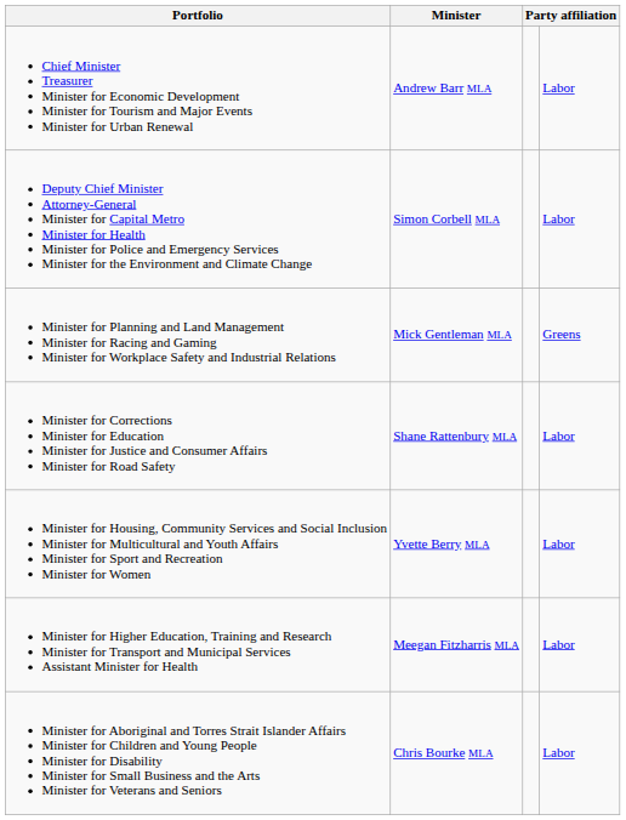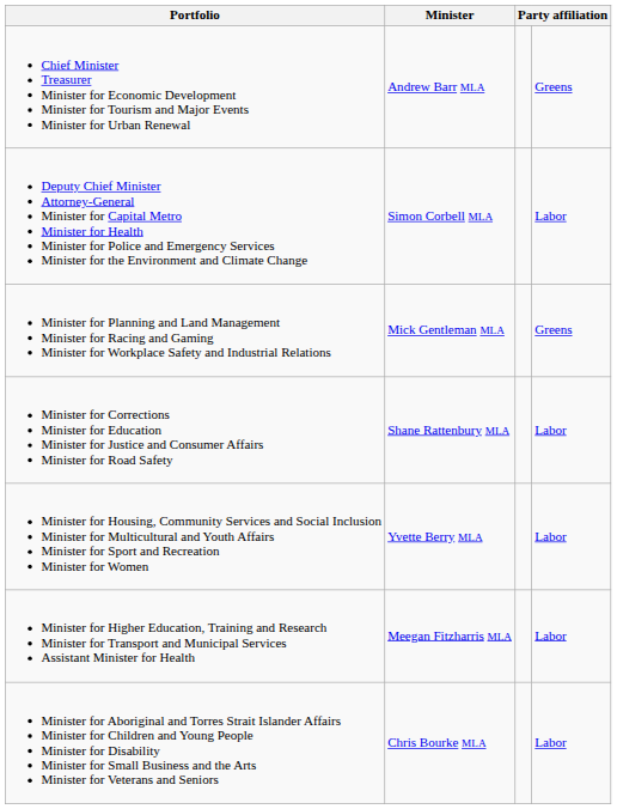 <table class="wikitable">
 <tr>
 <th>Portfolio</th>
 <th>Minister</th>
 <th colspan=2>Party affiliation</th>
 </tr>
 <tr>
 <td><br><ul><li><a href='#'>Chief Minister</a></li><li><a href='#'>Treasurer</a></li><li>Minister for Economic Development</li><li>Minister for Tourism and Major Events</li><li>Minister for Urban Renewal</li></ul></td>
 <td><a href='#'>Andrew Barr</a> <small><a href='#'>MLA</a></small></td>
 <td> </td>
-<td><a href='#'>Labor</a></td>
+<td><a href='#'>Greens</a></td>
 </tr>
 <tr>
 <td><br><ul><li><a href='#'>Deputy Chief Minister</a></li><li><a href='#'>Attorney-General</a></li><li>Minister for <a href='#'>Capital Metro</a></li><li><a href='#'>Minister for Health</a></li><li>Minister for Police and Emergency Services</li><li>Minister for the Environment and Climate Change</li></ul></td>
 <td><a href='#'>Simon Corbell</a> <small><a href='#'>MLA</a></small></td>
 <td> </td>
 <td><a href='#'>Labor</a></td>
 </tr>
 <tr>
 <td><br><ul><li>Minister for Planning and Land Management</li><li>Minister for Racing and Gaming</li><li>Minister for Workplace Safety and Industrial Relations</li></ul></td>
 <td><a href='#'>Mick Gentleman</a> <small><a href='#'>MLA</a></small></td>
 <td> </td>
 <td><a href='#'>Greens</a></td>
 </tr>
 <tr>
 <td><br><ul><li>Minister for Corrections</li><li>Minister for Education</li><li>Minister for Justice and Consumer Affairs</li><li>Minister for Road Safety</li></ul></td>
 <td><a href='#'>Shane Rattenbury</a> <small><a href='#'>MLA</a></small></td>
 <td> </td>
 <td><a href='#'>Labor</a></td>
 </tr>
 <tr>
 <td><br><ul><li>Minister for Housing, Community Services and Social Inclusion</li><li>Minister for Multicultural and Youth Affairs</li><li>Minister for Sport and Recreation</li><li>Minister for Women</li></ul></td>
 <td><a href='#'>Yvette Berry</a> <small><a href='#'>MLA</a></small></td>
 <td> </td>
 <td><a href='#'>Labor</a></td>
 </tr>
 <tr>
 <td><br><ul><li>Minister for Higher Education, Training and Research</li><li>Minister for Transport and Municipal Services</li><li>Assistant Minister for Health</li></ul></td>
 <td><a href='#'>Meegan Fitzharris</a> <small><a href='#'>MLA</a></small></td>
 <td> </td>
 <td><a href='#'>Labor</a></td>
 </tr>
 <tr>
 <td><br><ul><li>Minister for Aboriginal and Torres Strait Islander Affairs</li><li>Minister for Children and Young People</li><li>Minister for Disability</li><li>Minister for Small Business and the Arts</li><li>Minister for Veterans and Seniors</li></ul></td>
 <td><a href='#'>Chris Bourke</a> <small><a href='#'>MLA</a></small></td>
 <td> </td>
 <td><a href='#'>Labor</a></td>
 </tr>
 </table>
